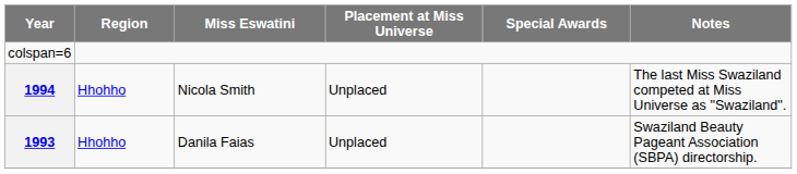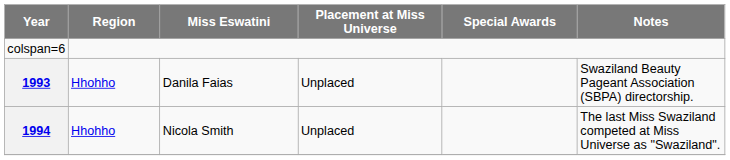 <table class="wikitable " style="font-size: 95%;">
 <tr>
 <th width="60" style="background-color:#787878;color:#FFFFFF;">Year</th>
 <th width="150" style="background-color:#787878;color:#FFFFFF;">Region</th>
 <th width="250" style="background-color:#787878;color:#FFFFFF;">Miss Eswatini</th>
 <th width="250" style="background-color:#787878;color:#FFFFFF;">Placement at Miss Universe</th>
 <th width="250" style="background-color:#787878;color:#FFFFFF;">Special Awards</th>
 <th width="250" style="background-color:#787878;color:#FFFFFF;">Notes</th>
 </tr>
 <tr>
 <td>colspan=6 </td>
 </tr>
 <tr>
+<th><a href='#'>1993</a></th>
+<td><a href='#'>Hhohho</a></td>
+<td>Danila Faias</td>
+<td>Unplaced</td>
+<td></td>
+<td>Swaziland Beauty Pageant Association (SBPA) directorship.</td>
+</tr>
+<tr>
 <th><a href='#'>1994</a></th>
 <td><a href='#'>Hhohho</a></td>
 <td>Nicola Smith</td>
 <td>Unplaced</td>
 <td></td>
 <td>The last Miss Swaziland competed at Miss Universe as "Swaziland".</td>
 </tr>
 <tr>
-<th><a href='#'>1993</a></th>
-<td><a href='#'>Hhohho</a></td>
-<td>Danila Faias</td>
-<td>Unplaced</td>
-<td></td>
-<td>Swaziland Beauty Pageant Association (SBPA) directorship.</td>
-</tr>
-<tr>
 </tr>
 </table>
